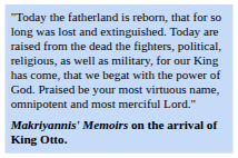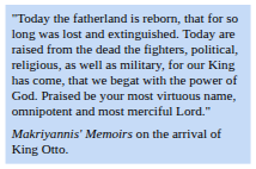 <table class="toccolours" style="float: right; margin-left: 1em; margin-right: 2em; font-size: 85%; background:#c6dbf7; color:black; width:30em; max-width: 40%;" cellspacing="5">
 <tr>
 <td style="text-align: left;">"Today the fatherland is reborn, that for so long was lost and extinguished. Today are raised from the dead the fighters, political, religious, as well as military, for our King has come, that we begat with the power of God. Praised be your most virtuous name, omnipotent and most merciful Lord."</td>
 </tr>
 <tr>
-<td style="text-align: left;"><strong><em>Makriyannis' Memoirs</em> on the arrival of King Otto.</strong></td>
+<td style="text-align: left;"><em>Makriyannis' Memoirs</em> on the arrival of King Otto.</td>
 </tr>
 </table>
